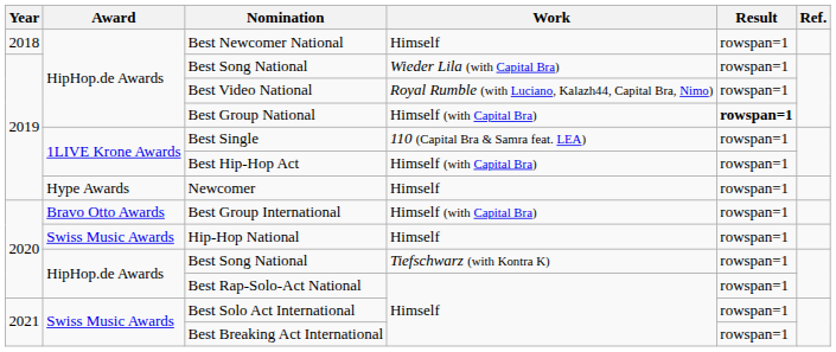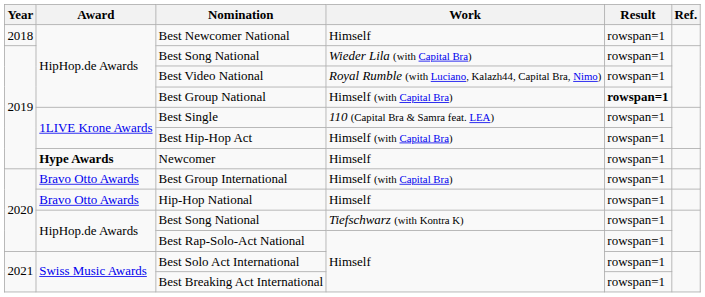 <table class="wikitable">
 <tr>
 <th>Year</th>
 <th>Award</th>
 <th>Nomination</th>
 <th>Work</th>
 <th>Result</th>
 <th>Ref.</th>
 </tr>
 <tr>
 <td>2018</td>
 <td rowspan="4">HipHop.de Awards</td>
 <td>Best Newcomer National</td>
 <td>Himself</td>
 <td>rowspan=1 </td>
 <td></td>
 </tr>
 <tr>
 <td rowspan="6">2019</td>
 <td>Best Song National</td>
 <td rowspan="1"><em>Wieder Lila</em> <small>(with <a href='#'>Capital Bra</a>)</small></td>
 <td>rowspan=1 </td>
 <td rowspan="3"></td>
 </tr>
 <tr>
 <td>Best Video National</td>
 <td><em>Royal Rumble</em> <small>(with <a href='#'>Luciano</a>, Kalazh44, Capital Bra, <a href='#'>Nimo</a>)</small></td>
 <td>rowspan=1 </td>
 </tr>
 <tr>
 <td>Best Group National</td>
 <td>Himself <small>(with <a href='#'>Capital Bra</a>)</small></td>
 <td><strong>rowspan=1 </strong></td>
 </tr>
 <tr>
 <td rowspan="2"><a href='#'>1LIVE Krone Awards</a></td>
 <td>Best Single</td>
 <td><em>110</em> <small>(Capital Bra & Samra feat. <a href='#'>LEA</a>)</small></td>
 <td>rowspan=1 </td>
 <td rowspan="2"></td>
 </tr>
 <tr>
 <td>Best Hip-Hop Act</td>
 <td>Himself <small>(with <a href='#'>Capital Bra</a>)</small></td>
 <td>rowspan=1 </td>
 </tr>
 <tr>
-<td>Hype Awards</td>
+<td><strong>Hype Awards</strong></td>
 <td>Newcomer</td>
 <td>Himself</td>
 <td>rowspan=1 </td>
 <td></td>
 </tr>
 <tr>
 <td rowspan="4">2020</td>
 <td><a href='#'>Bravo Otto Awards</a></td>
 <td>Best Group International</td>
 <td>Himself <small>(with <a href='#'>Capital Bra</a>)</small></td>
 <td>rowspan=1 </td>
 <td></td>
 </tr>
 <tr>
-<td><a href='#'>Swiss Music Awards</a></td>
+<td><a href='#'>Bravo Otto Awards</a></td>
 <td>Hip-Hop National</td>
 <td>Himself</td>
 <td>rowspan=1 </td>
 <td></td>
 </tr>
 <tr>
 <td rowspan="2">HipHop.de Awards</td>
 <td>Best Song National</td>
 <td><em>Tiefschwarz</em> <small>(with Kontra K)</small></td>
 <td>rowspan=1 </td>
 <td rowspan="2"></td>
 </tr>
 <tr>
 <td>Best Rap-Solo-Act National</td>
 <td rowspan="3">Himself</td>
 <td>rowspan=1 </td>
 </tr>
 <tr>
 <td rowspan="2">2021</td>
 <td rowspan="2"><a href='#'>Swiss Music Awards</a></td>
 <td>Best Solo Act International</td>
 <td>rowspan=1 </td>
 <td rowspan="2"></td>
 </tr>
 <tr>
 <td>Best Breaking Act International</td>
 <td>rowspan=1 </td>
 </tr>
 </table>
